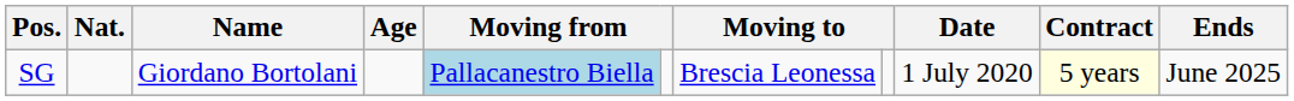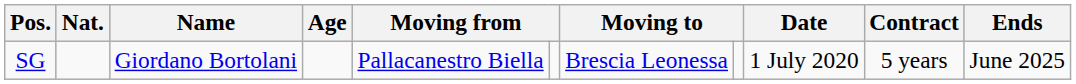 <table class="wikitable sortable">
 <tr>
 <th>Pos.</th>
 <th>Nat.</th>
 <th>Name</th>
 <th>Age</th>
 <th colspan=2>Moving from</th>
 <th colspan=2>Moving to</th>
 <th>Date</th>
 <th>Contract</th>
 <th>Ends</th>
 </tr>
 <tr>
 <td style="text-align:center"><a href='#'>SG</a></td>
 <td style="text-align:center"></td>
 <td><a href='#'>Giordano Bortolani</a></td>
 <td style="text-align:center"></td>
-<td style="background: lightblue;"><a href='#'>Pallacanestro Biella</a></td>
+<td><a href='#'>Pallacanestro Biella</a></td>
 <td style="text-align:center"></td>
 <td><a href='#'>Brescia Leonessa</a></td>
 <td style="text-align:center"></td>
 <td style="text-align:center">1 July 2020</td>
-<td style="background: lightyellow; text-align:center">5 years</td>
+<td style="text-align:center">5 years</td>
 <td style="text-align:center">June 2025</td>
 </tr>
 </table>
